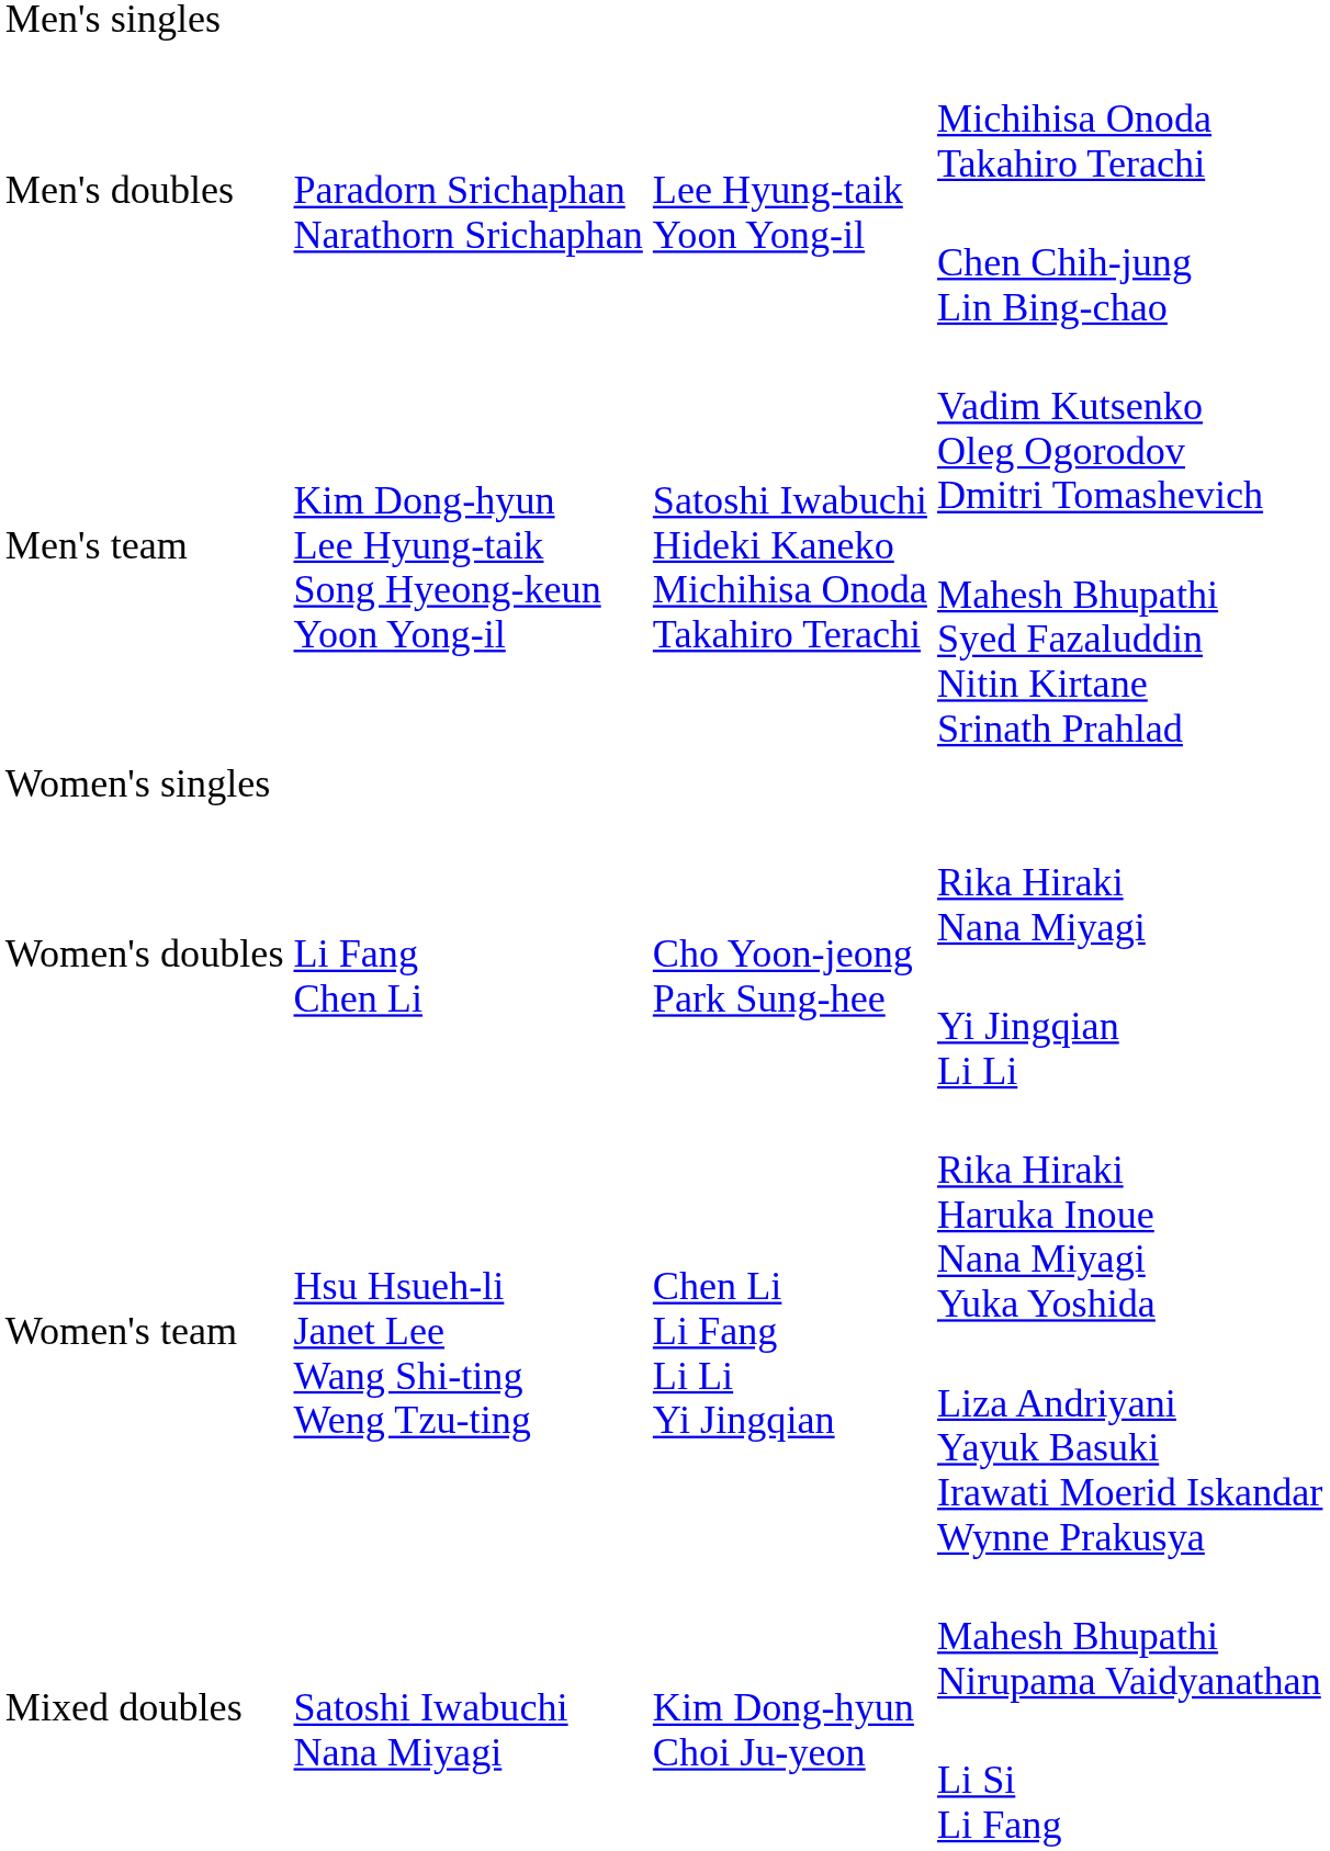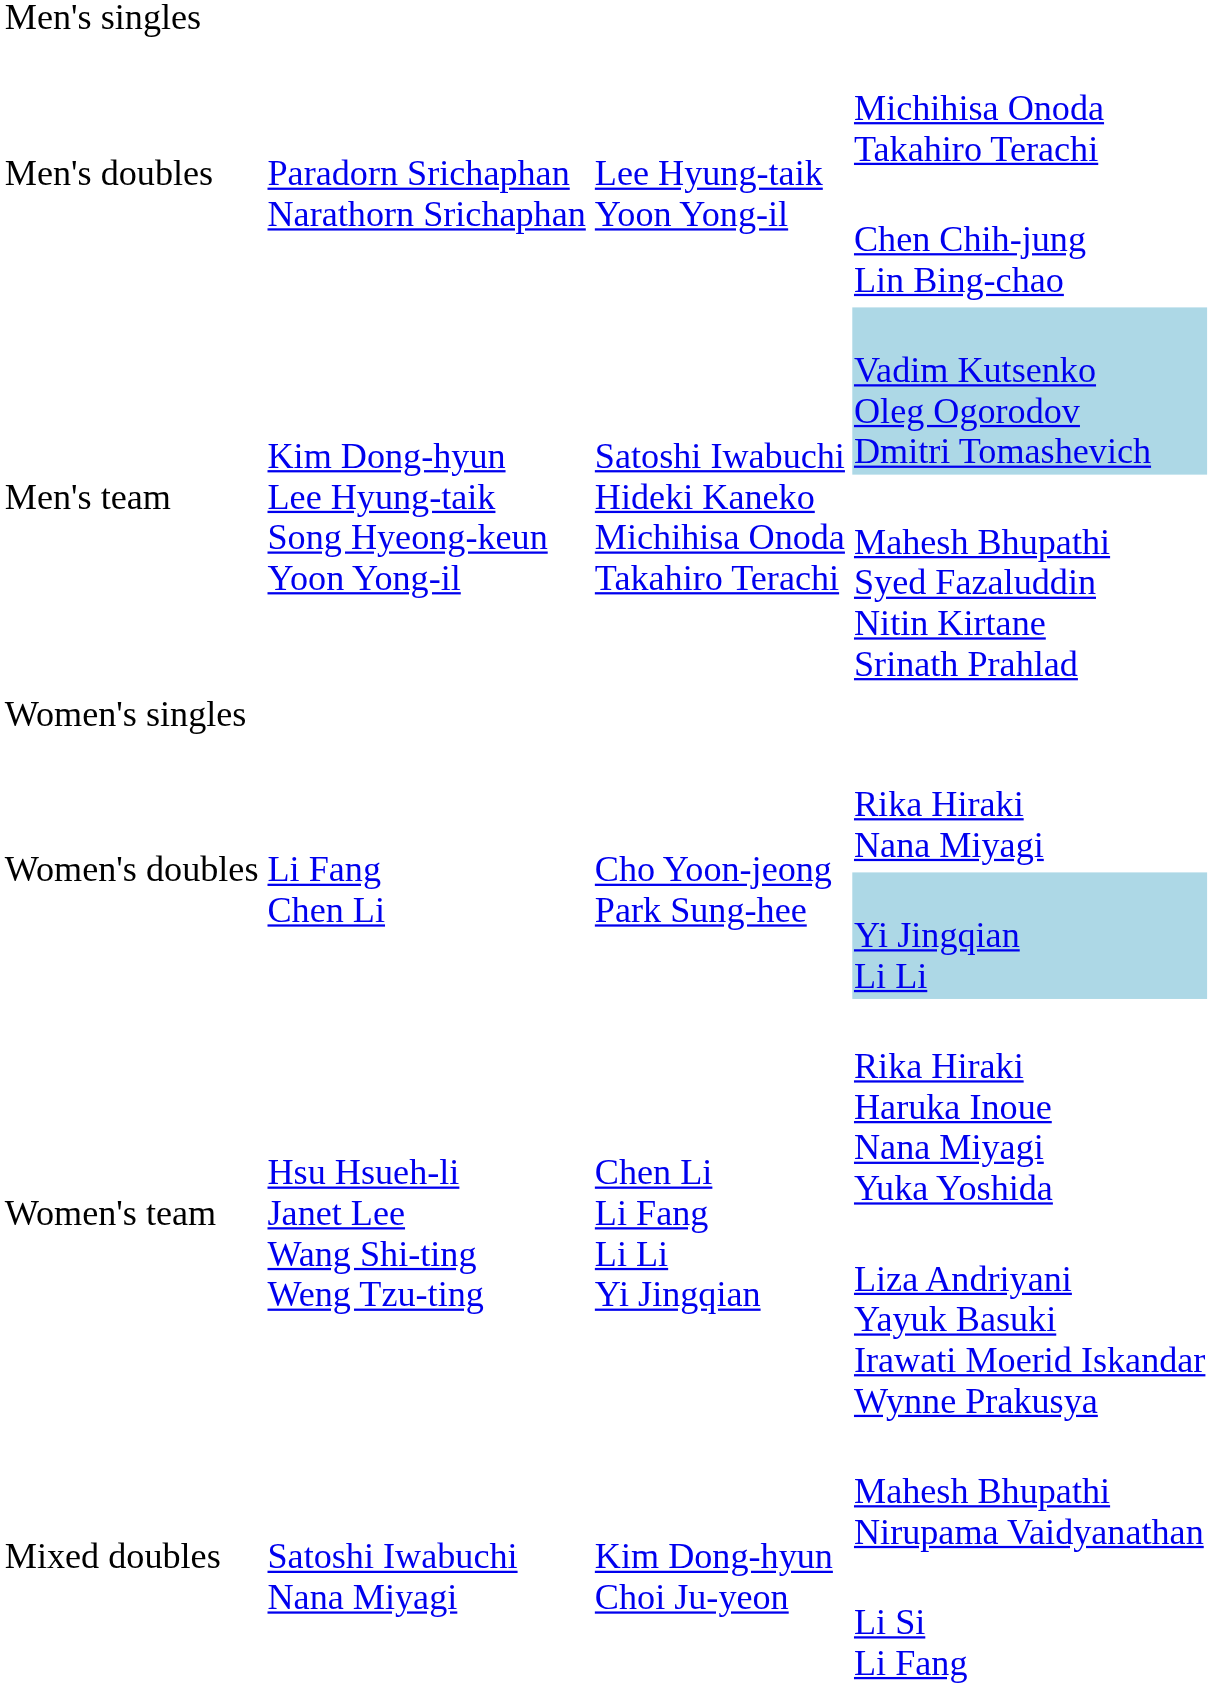 <table>
 <tr>
 <td rowspan=2>Men's singles<br></td>
 <td rowspan=2></td>
 <td rowspan=2></td>
 <td></td>
 </tr>
 <tr>
 <td></td>
 </tr>
 <tr>
 <td rowspan=2>Men's doubles<br></td>
 <td rowspan=2><br><a href='#'>Paradorn Srichaphan</a><br><a href='#'>Narathorn Srichaphan</a></td>
 <td rowspan=2><br><a href='#'>Lee Hyung-taik</a><br><a href='#'>Yoon Yong-il</a></td>
 <td><br><a href='#'>Michihisa Onoda</a><br><a href='#'>Takahiro Terachi</a></td>
 </tr>
 <tr>
 <td><br><a href='#'>Chen Chih-jung</a><br><a href='#'>Lin Bing-chao</a></td>
 </tr>
 <tr>
 <td rowspan=2>Men's team<br></td>
 <td rowspan=2><br><a href='#'>Kim Dong-hyun</a><br><a href='#'>Lee Hyung-taik</a><br><a href='#'>Song Hyeong-keun</a><br><a href='#'>Yoon Yong-il</a></td>
 <td rowspan=2><br><a href='#'>Satoshi Iwabuchi</a><br><a href='#'>Hideki Kaneko</a><br><a href='#'>Michihisa Onoda</a><br><a href='#'>Takahiro Terachi</a></td>
-<td><br><a href='#'>Vadim Kutsenko</a><br><a href='#'>Oleg Ogorodov</a><br><a href='#'>Dmitri Tomashevich</a></td>
+<td style="background: lightblue;"><br><a href='#'>Vadim Kutsenko</a><br><a href='#'>Oleg Ogorodov</a><br><a href='#'>Dmitri Tomashevich</a></td>
 </tr>
 <tr>
 <td><br><a href='#'>Mahesh Bhupathi</a><br><a href='#'>Syed Fazaluddin</a><br><a href='#'>Nitin Kirtane</a><br><a href='#'>Srinath Prahlad</a></td>
 </tr>
 <tr>
 <td rowspan=2>Women's singles<br></td>
 <td rowspan=2></td>
 <td rowspan=2></td>
 <td></td>
 </tr>
 <tr>
 <td></td>
 </tr>
 <tr>
 <td rowspan=2>Women's doubles<br></td>
 <td rowspan=2><br><a href='#'>Li Fang</a><br><a href='#'>Chen Li</a></td>
 <td rowspan=2><br><a href='#'>Cho Yoon-jeong</a><br><a href='#'>Park Sung-hee</a></td>
 <td><br><a href='#'>Rika Hiraki</a><br><a href='#'>Nana Miyagi</a></td>
 </tr>
 <tr>
-<td><br><a href='#'>Yi Jingqian</a><br><a href='#'>Li Li</a></td>
+<td style="background: lightblue;"><br><a href='#'>Yi Jingqian</a><br><a href='#'>Li Li</a></td>
 </tr>
 <tr>
 <td rowspan=2>Women's team<br></td>
 <td rowspan=2><br><a href='#'>Hsu Hsueh-li</a><br><a href='#'>Janet Lee</a><br><a href='#'>Wang Shi-ting</a><br><a href='#'>Weng Tzu-ting</a></td>
 <td rowspan=2><br><a href='#'>Chen Li</a><br><a href='#'>Li Fang</a><br><a href='#'>Li Li</a><br><a href='#'>Yi Jingqian</a></td>
 <td><br><a href='#'>Rika Hiraki</a><br><a href='#'>Haruka Inoue</a><br><a href='#'>Nana Miyagi</a><br><a href='#'>Yuka Yoshida</a></td>
 </tr>
 <tr>
 <td><br><a href='#'>Liza Andriyani</a><br><a href='#'>Yayuk Basuki</a><br><a href='#'>Irawati Moerid Iskandar</a><br><a href='#'>Wynne Prakusya</a></td>
 </tr>
 <tr>
 <td rowspan=2>Mixed doubles<br></td>
 <td rowspan=2><br><a href='#'>Satoshi Iwabuchi</a><br><a href='#'>Nana Miyagi</a></td>
 <td rowspan=2><br><a href='#'>Kim Dong-hyun</a><br><a href='#'>Choi Ju-yeon</a></td>
 <td><br><a href='#'>Mahesh Bhupathi</a><br><a href='#'>Nirupama Vaidyanathan</a></td>
 </tr>
 <tr>
 <td><br><a href='#'>Li Si</a><br><a href='#'>Li Fang</a></td>
 </tr>
 </table>
